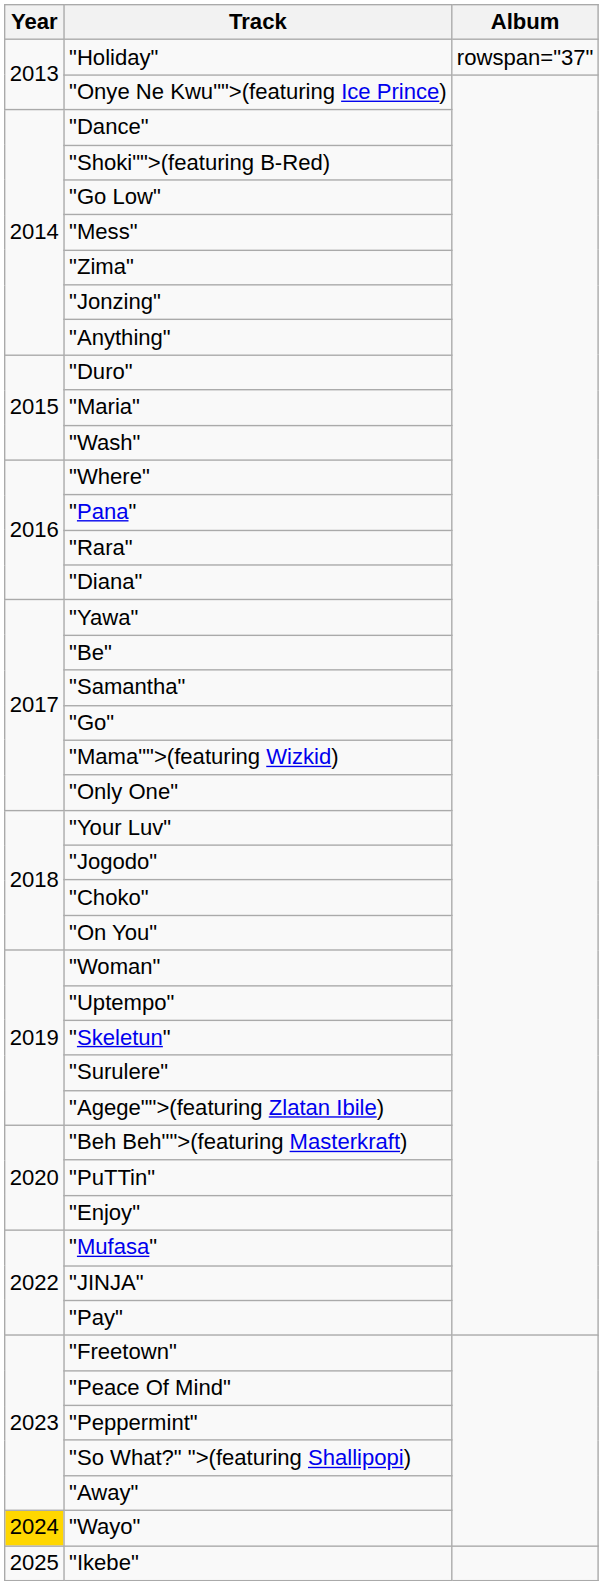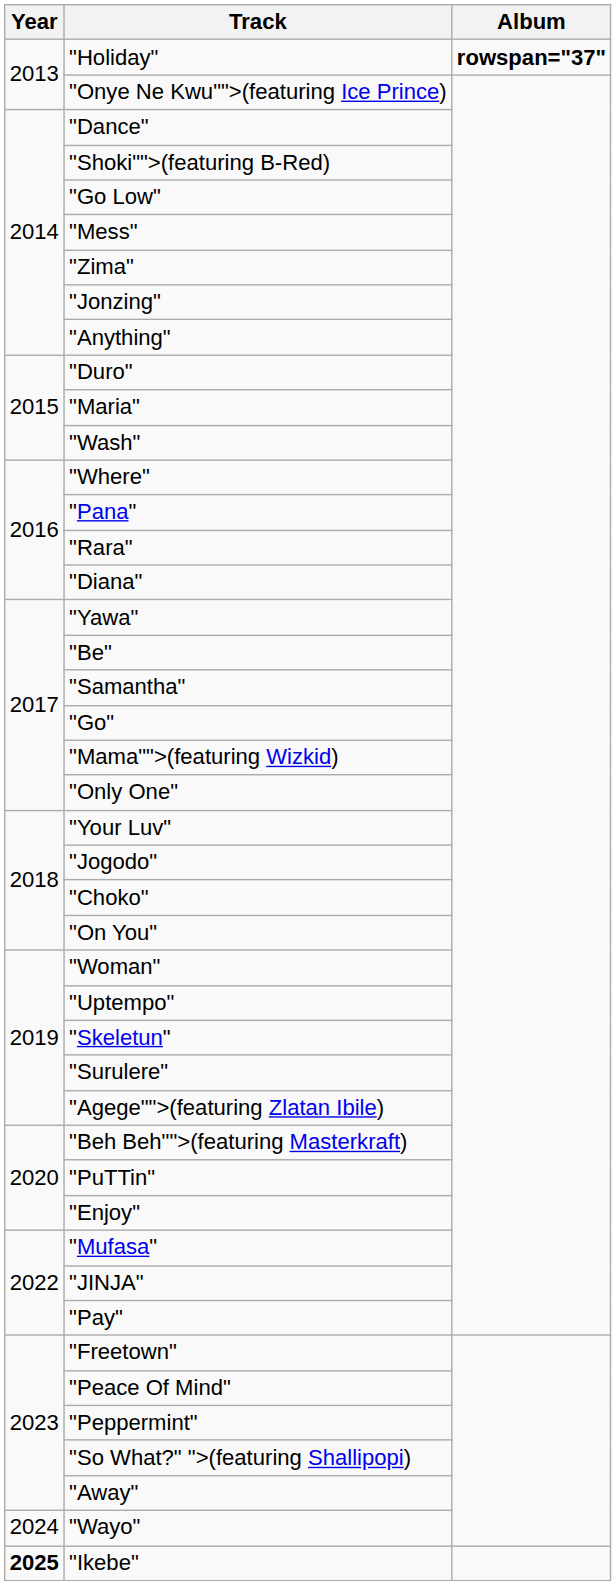 <table class="wikitable sortable">
 <tr>
 <th>Year</th>
 <th>Track</th>
 <th>Album</th>
 </tr>
 <tr>
 <td rowspan="2">2013</td>
 <td>"Holiday"</td>
-<td>rowspan="37" </td>
+<td><strong>rowspan="37" </strong></td>
 </tr>
 <tr>
 <td>"Onye Ne Kwu"<span>">(featuring <a href='#'>Ice Prince</a>)</span></td>
 </tr>
 <tr>
 <td rowspan="7">2014</td>
 <td>"Dance"</td>
 </tr>
 <tr>
 <td>"Shoki"<span>">(featuring B-Red)</span></td>
 </tr>
 <tr>
 <td>"Go Low"</td>
 </tr>
 <tr>
 <td>"Mess"</td>
 </tr>
 <tr>
 <td>"Zima"</td>
 </tr>
 <tr>
 <td>"Jonzing"</td>
 </tr>
 <tr>
 <td>"Anything" </td>
 </tr>
 <tr>
 <td rowspan="3">2015</td>
 <td>"Duro"</td>
 </tr>
 <tr>
 <td>"Maria" </td>
 </tr>
 <tr>
 <td>"Wash" </td>
 </tr>
 <tr>
 <td rowspan="4">2016</td>
 <td>"Where"</td>
 </tr>
 <tr>
 <td>"<a href='#'>Pana</a>" </td>
 </tr>
 <tr>
 <td>"Rara"</td>
 </tr>
 <tr>
 <td>"Diana"</td>
 </tr>
 <tr>
 <td rowspan="6">2017</td>
 <td>"Yawa"</td>
 </tr>
 <tr>
 <td>"Be"</td>
 </tr>
 <tr>
 <td>"Samantha"</td>
 </tr>
 <tr>
 <td>"Go"</td>
 </tr>
 <tr>
 <td>"Mama"<span>">(featuring <a href='#'>Wizkid</a>)</span></td>
 </tr>
 <tr>
 <td>"Only One"</td>
 </tr>
 <tr>
 <td rowspan="4">2018</td>
 <td>"Your Luv"</td>
 </tr>
 <tr>
 <td>"Jogodo" </td>
 </tr>
 <tr>
 <td>"Choko"  </td>
 </tr>
 <tr>
 <td>"On You" </td>
 </tr>
 <tr>
 <td rowspan="5">2019</td>
 <td>"Woman" </td>
 </tr>
 <tr>
 <td>"Uptempo" </td>
 </tr>
 <tr>
 <td>"<a href='#'>Skeletun</a>"</td>
 </tr>
 <tr>
 <td>"Surulere" </td>
 </tr>
 <tr>
 <td>"Agege"<span>">(featuring <a href='#'>Zlatan Ibile</a>)</span></td>
 </tr>
 <tr>
 <td rowspan="3">2020</td>
 <td>"Beh Beh"<span>">(featuring <a href='#'>Masterkraft</a>)</span></td>
 </tr>
 <tr>
 <td>"PuTTin" </td>
 </tr>
 <tr>
 <td>"Enjoy"  </td>
 </tr>
 <tr>
 <td rowspan="3">2022</td>
 <td>"<a href='#'>Mufasa</a>"</td>
 </tr>
 <tr>
 <td>"JINJA" </td>
 </tr>
 <tr>
 <td>"Pay" </td>
 </tr>
 <tr>
 <td rowspan="5">2023</td>
 <td>"Freetown"</td>
 <td rowspan="6"></td>
 </tr>
 <tr>
 <td>"Peace Of Mind"</td>
 </tr>
 <tr>
 <td>"Peppermint" </td>
 </tr>
 <tr>
 <td>"So What?" <span>">(featuring <a href='#'>Shallipopi</a>)</span></td>
 </tr>
 <tr>
 <td>"Away"</td>
 </tr>
 <tr>
-<td style="background: gold;">2024</td>
+<td>2024</td>
 <td>"Wayo"</td>
 </tr>
 <tr>
-<td>2025</td>
+<td><strong>2025</strong></td>
 <td>"Ikebe" </td>
 <td></td>
 </tr>
 </table>
